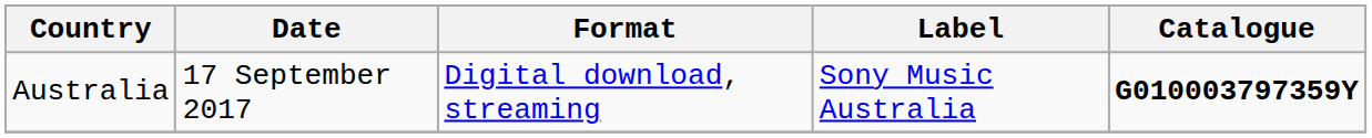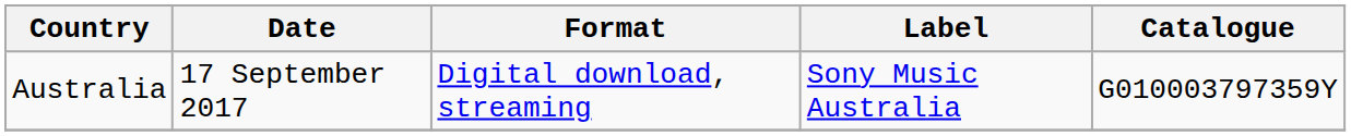 <table class="wikitable plainrowheaders">
 <tr>
 <th scope="col">Country</th>
 <th scope="col">Date</th>
 <th scope="col">Format</th>
 <th scope="col">Label</th>
 <th scope="col">Catalogue</th>
 </tr>
 <tr>
 <td>Australia</td>
 <td>17 September 2017</td>
 <td><a href='#'>Digital download</a>, <a href='#'>streaming</a></td>
 <td><a href='#'>Sony Music Australia</a></td>
-<td><strong>G010003797359Y</strong></td>
+<td>G010003797359Y</td>
 </tr>
 <tr>
 </tr>
 </table>
